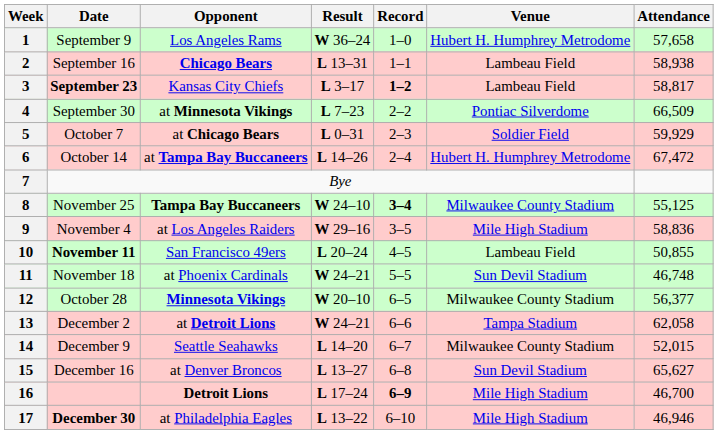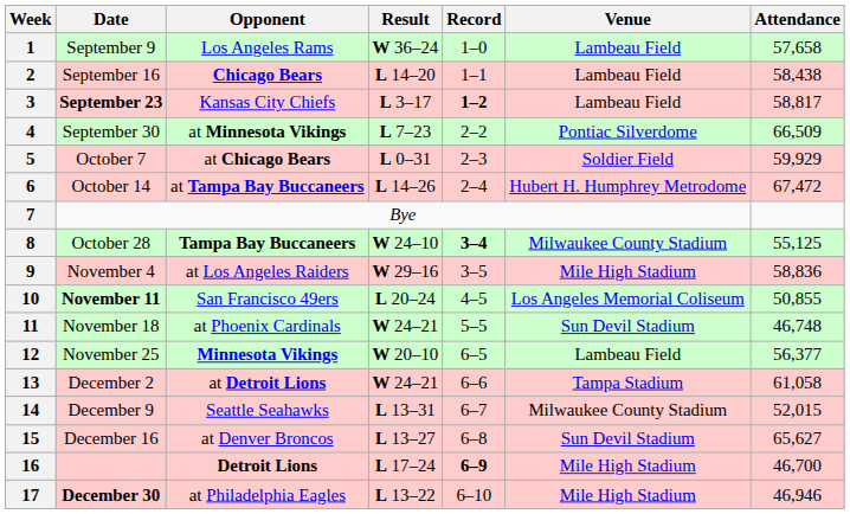 <table class="wikitable" style="text-align:center">
 <tr>
 <th>Week</th>
 <th>Date</th>
 <th>Opponent</th>
 <th>Result</th>
 <th>Record</th>
 <th>Venue</th>
 <th>Attendance</th>
 </tr>
 <tr style="background:#cfc">
 <th>1</th>
 <td>September 9</td>
 <td><a href='#'>Los Angeles Rams</a></td>
 <td><strong>W</strong> 36–24</td>
 <td>1–0</td>
-<td><a href='#'>Hubert H. Humphrey Metrodome</a></td>
+<td><a href='#'>Lambeau Field</a></td>
 <td>57,658</td>
 </tr>
 <tr style="background:#fcc">
 <th>2</th>
 <td>September 16</td>
 <td><strong><a href='#'>Chicago Bears</a></strong></td>
-<td><strong>L</strong> 13–31</td>
+<td><strong>L</strong> 14–20</td>
 <td>1–1</td>
 <td>Lambeau Field</td>
-<td>58,938</td>
+<td>58,438</td>
 </tr>
 <tr style="background:#fcc">
 <th>3</th>
 <td><strong>September 23</strong></td>
 <td><a href='#'>Kansas City Chiefs</a></td>
 <td><strong>L</strong> 3–17</td>
 <td><strong>1–2</strong></td>
 <td>Lambeau Field</td>
 <td>58,817</td>
 </tr>
 <tr style="background:#cfc">
 <th>4</th>
 <td>September 30</td>
 <td>at <strong>Minnesota Vikings</strong></td>
 <td><strong>L</strong> 7–23</td>
 <td>2–2</td>
 <td><a href='#'>Pontiac Silverdome</a></td>
 <td>66,509</td>
 </tr>
 <tr style="background:#fcc">
 <th>5</th>
 <td>October 7</td>
 <td>at <strong>Chicago Bears</strong></td>
 <td><strong>L</strong> 0–31</td>
 <td>2–3</td>
 <td><a href='#'>Soldier Field</a></td>
 <td>59,929</td>
 </tr>
 <tr style="background:#fcc">
 <th>6</th>
 <td>October 14</td>
 <td>at <strong><a href='#'>Tampa Bay Buccaneers</a></strong></td>
 <td><strong>L</strong> 14–26</td>
 <td>2–4</td>
 <td><a href='#'>Hubert H. Humphrey Metrodome</a></td>
 <td>67,472</td>
 </tr>
 <tr align="center">
 <th>7</th>
 <td colspan="5" align="center"><em>Bye</em></td>
 </tr>
 <tr style="background:#cfc">
 <th>8</th>
-<td>November 25</td>
+<td>October 28</td>
 <td><strong>Tampa Bay Buccaneers</strong></td>
 <td><strong>W</strong> 24–10</td>
 <td><strong>3–4</strong></td>
 <td><a href='#'>Milwaukee County Stadium</a></td>
 <td>55,125</td>
 </tr>
 <tr style="background:#fcc">
 <th>9</th>
 <td>November 4</td>
 <td>at <a href='#'>Los Angeles Raiders</a></td>
 <td><strong>W</strong> 29–16</td>
 <td>3–5</td>
 <td><a href='#'>Mile High Stadium</a></td>
 <td>58,836</td>
 </tr>
 <tr style="background:#cfc">
 <th>10</th>
 <td><strong>November 11</strong></td>
 <td><a href='#'>San Francisco 49ers</a></td>
 <td><strong>L</strong> 20–24</td>
 <td>4–5</td>
-<td>Lambeau Field</td>
+<td><a href='#'>Los Angeles Memorial Coliseum</a></td>
 <td>50,855</td>
 </tr>
 <tr style="background:#cfc">
 <th>11</th>
 <td>November 18</td>
 <td>at <a href='#'>Phoenix Cardinals</a></td>
 <td><strong>W</strong> 24–21</td>
 <td>5–5</td>
 <td><a href='#'>Sun Devil Stadium</a></td>
 <td>46,748</td>
 </tr>
 <tr style="background:#cfc">
 <th>12</th>
-<td>October 28</td>
+<td>November 25</td>
 <td><strong><a href='#'>Minnesota Vikings</a></strong></td>
 <td><strong>W</strong> 20–10</td>
 <td>6–5</td>
-<td>Milwaukee County Stadium</td>
+<td>Lambeau Field</td>
 <td>56,377</td>
 </tr>
 <tr style="background:#fcc">
 <th>13</th>
 <td>December 2</td>
 <td>at <strong><a href='#'>Detroit Lions</a></strong></td>
 <td><strong>W</strong> 24–21</td>
 <td>6–6</td>
 <td><a href='#'>Tampa Stadium</a></td>
-<td>62,058</td>
+<td>61,058</td>
 </tr>
 <tr style="background:#fcc">
 <th>14</th>
 <td>December 9</td>
 <td><a href='#'>Seattle Seahawks</a></td>
-<td><strong>L</strong> 14–20</td>
+<td><strong>L</strong> 13–31</td>
 <td>6–7</td>
 <td>Milwaukee County Stadium</td>
 <td>52,015</td>
 </tr>
 <tr style="background:#fcc">
 <th>15</th>
 <td>December 16</td>
 <td>at <a href='#'>Denver Broncos</a></td>
 <td><strong>L</strong> 13–27</td>
 <td>6–8</td>
 <td><a href='#'>Sun Devil Stadium</a></td>
 <td>65,627</td>
 </tr>
 <tr style="background:#fcc">
 <th>16</th>
 <td></td>
 <td><strong>Detroit Lions</strong></td>
 <td><strong>L</strong> 17–24</td>
 <td><strong>6–9</strong></td>
 <td><a href='#'>Mile High Stadium</a></td>
 <td>46,700</td>
 </tr>
 <tr style="background:#fcc">
 <th>17</th>
 <td><strong>December 30</strong></td>
 <td>at <a href='#'>Philadelphia Eagles</a></td>
 <td><strong>L</strong> 13–22</td>
 <td>6–10</td>
 <td><a href='#'>Mile High Stadium</a></td>
 <td>46,946</td>
 </tr>
 </table>
